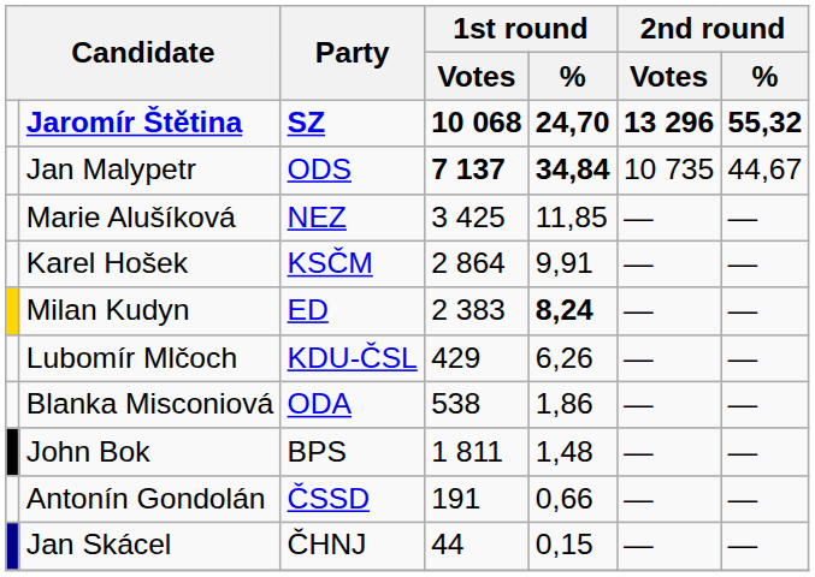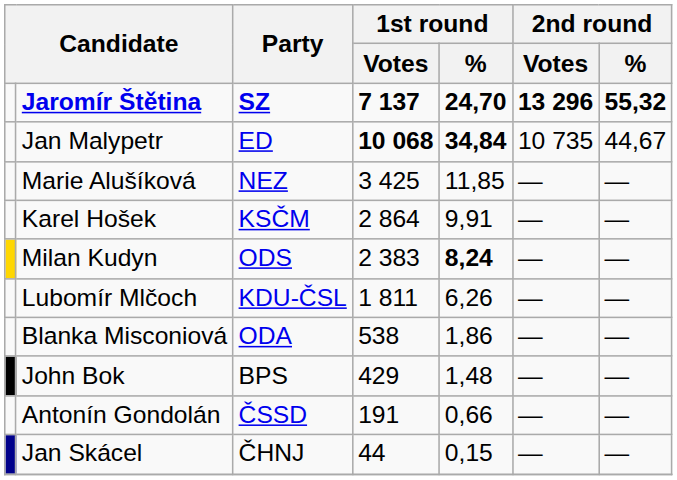 <table class="wikitable sortable">
 <tr>
 <th colspan="2" rowspan="2">Candidate</th>
 <th rowspan="2">Party</th>
 <th colspan="2">1st round</th>
 <th colspan="2">2nd round</th>
 </tr>
 <tr>
 <th>Votes</th>
 <th>%</th>
 <th>Votes</th>
 <th>%</th>
 </tr>
 <tr>
 <td style="background-color:"></td>
 <td><strong><a href='#'>Jaromír Štětina</a></strong></td>
 <td><a href='#'><strong>SZ</strong></a></td>
-<td><strong>10 068</strong></td>
+<td><strong>7 137</strong></td>
 <td><strong>24,70</strong></td>
 <td><strong>13 296</strong></td>
 <td><strong>55,32</strong></td>
 </tr>
 <tr>
 <td style="background-color:"></td>
 <td>Jan Malypetr</td>
-<td><a href='#'>ODS</a></td>
-<td><strong>7 137</strong></td>
+<td><a href='#'>ED</a></td>
+<td><strong>10 068</strong></td>
 <td><strong>34,84</strong></td>
 <td>10 735</td>
 <td>44,67</td>
 </tr>
 <tr>
 <td style="background-color:"></td>
 <td>Marie Alušíková</td>
 <td><a href='#'>NEZ</a></td>
 <td>3 425</td>
 <td>11,85</td>
 <td>—</td>
 <td>—</td>
 </tr>
 <tr>
 <td style="background-color:"></td>
 <td>Karel Hošek</td>
 <td><a href='#'>KSČM</a></td>
 <td>2 864</td>
 <td>9,91</td>
 <td>—</td>
 <td>—</td>
 </tr>
 <tr>
 <td style="background-color:gold;"></td>
 <td>Milan Kudyn</td>
-<td><a href='#'>ED</a></td>
+<td><a href='#'>ODS</a></td>
 <td>2 383</td>
 <td><strong>8,24</strong></td>
 <td>—</td>
 <td>—</td>
 </tr>
 <tr>
 <td style="background-color:"></td>
 <td>Lubomír Mlčoch</td>
 <td><a href='#'>KDU-ČSL</a></td>
-<td>429</td>
+<td>1 811</td>
 <td>6,26</td>
 <td>—</td>
 <td>—</td>
 </tr>
 <tr>
 <td style="background-color:"></td>
 <td>Blanka Misconiová</td>
 <td><a href='#'>ODA</a></td>
 <td>538</td>
 <td>1,86</td>
 <td>—</td>
 <td>—</td>
 </tr>
 <tr>
 <td style="background-color:black;"></td>
 <td>John Bok</td>
 <td>BPS</td>
-<td>1 811</td>
+<td>429</td>
 <td>1,48</td>
 <td>—</td>
 <td>—</td>
 </tr>
 <tr>
 <td style="background-color:"></td>
 <td>Antonín Gondolán</td>
 <td><a href='#'>ČSSD</a></td>
 <td>191</td>
 <td>0,66</td>
 <td>—</td>
 <td>—</td>
 </tr>
 <tr>
 <td style="background-color:darkblue;"></td>
 <td>Jan Skácel</td>
 <td>ČHNJ</td>
 <td>44</td>
 <td>0,15</td>
 <td>—</td>
 <td>—</td>
 </tr>
 <tr>
 </tr>
 </table>
